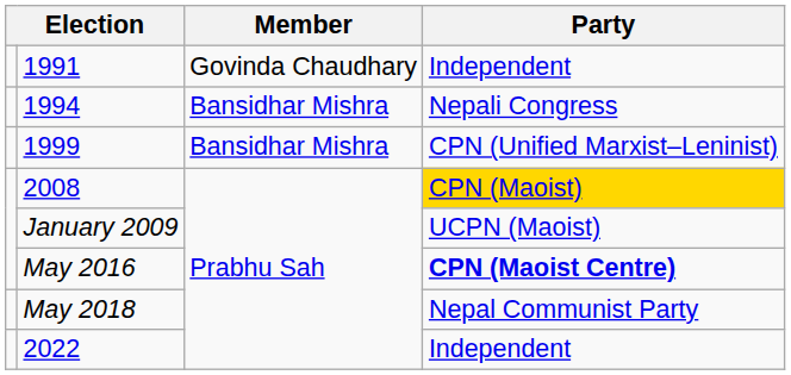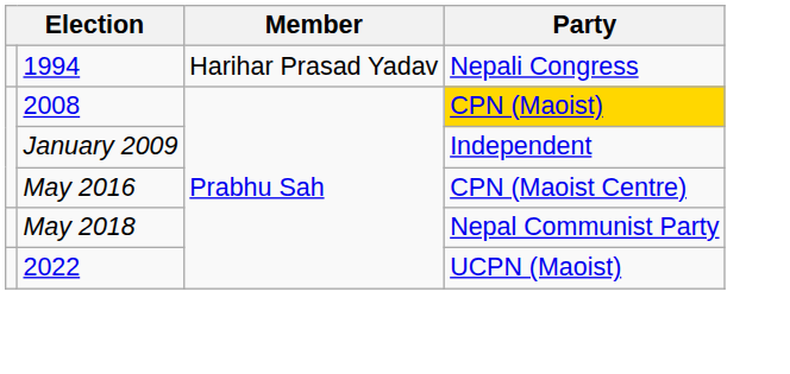 <table class="wikitable">
 <tr>
 <th colspan="2">Election</th>
 <th>Member</th>
 <th>Party</th>
 </tr>
 <tr>
 <td style="background-color:"></td>
-<td><a href='#'>1991</a></td>
-<td>Govinda Chaudhary</td>
-<td><a href='#'>Independent</a></td>
-</tr>
-<tr>
-<td style="background-color:"></td>
 <td><a href='#'>1994</a></td>
-<td><a href='#'>Bansidhar Mishra</a></td>
+<td>Harihar Prasad Yadav</td>
 <td><a href='#'>Nepali Congress</a></td>
-</tr>
-<tr>
-<td style="background-color:"></td>
-<td><a href='#'>1999</a></td>
-<td><a href='#'>Bansidhar Mishra</a></td>
-<td><a href='#'>CPN (Unified Marxist–Leninist)</a></td>
 </tr>
 <tr>
 <td rowspan="3" style="background-color:"></td>
 <td><a href='#'>2008</a></td>
 <td rowspan="5"><a href='#'>Prabhu Sah</a></td>
 <td style="background: gold;"><a href='#'>CPN (Maoist)</a></td>
 </tr>
 <tr>
 <td><em>January 2009</em></td>
-<td><a href='#'>UCPN (Maoist)</a></td>
+<td><a href='#'>Independent</a></td>
 </tr>
 <tr>
 <td><em>May 2016</em></td>
-<td><strong><a href='#'>CPN (Maoist Centre)</a></strong></td>
+<td><a href='#'>CPN (Maoist Centre)</a></td>
 </tr>
 <tr>
 <td style="background-color:"></td>
 <td><em>May 2018</em></td>
 <td><a href='#'>Nepal Communist Party</a></td>
 </tr>
 <tr>
 <td style="background-color:"></td>
 <td><a href='#'>2022</a></td>
-<td><a href='#'>Independent</a></td>
+<td><a href='#'>UCPN (Maoist)</a></td>
 </tr>
 </table>
